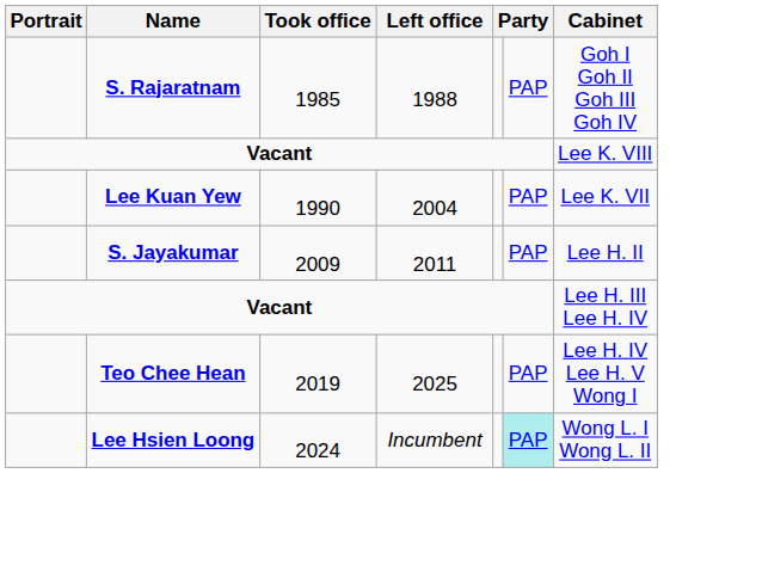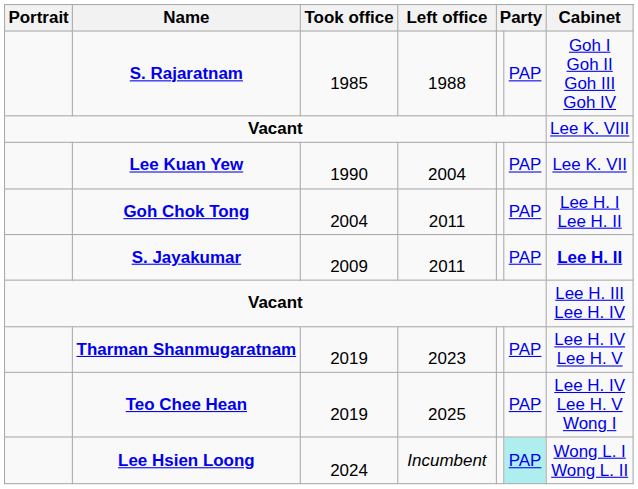 <table class="wikitable" style="text-align:center; border:1px #aaf solid;">
 <tr>
 <th>Portrait</th>
 <th>Name<br></th>
 <th width="85">Took office</th>
 <th width="85">Left office</th>
 <th colspan="2">Party</th>
 <th>Cabinet</th>
 </tr>
 <tr>
 <td></td>
 <td><strong><a href='#'>S. Rajaratnam</a></strong><br></td>
 <td><br>1985</td>
 <td><br>1988</td>
 <td style="background:"></td>
 <td><a href='#'>PAP</a></td>
 <td><a href='#'>Goh I</a><br><a href='#'>Goh II</a><br><a href='#'>Goh III</a><br><a href='#'>Goh IV</a></td>
 </tr>
 <tr>
 <td colspan="6"><strong>Vacant</strong><br></td>
 <td><a href='#'>Lee K. VIII</a></td>
 </tr>
 <tr>
 <td></td>
 <td><strong><a href='#'>Lee Kuan Yew</a></strong><br></td>
 <td><br>1990</td>
 <td><br>2004</td>
 <td style="background:"></td>
 <td><a href='#'>PAP</a></td>
 <td><a href='#'>Lee K. VII</a></td>
 </tr>
 <tr>
 <td></td>
+<td><strong><a href='#'>Goh Chok Tong</a></strong><br></td>
+<td><br>2004</td>
+<td><br>2011</td>
+<td style="background:"></td>
+<td><a href='#'>PAP</a></td>
+<td><a href='#'>Lee H. I</a><br><a href='#'>Lee H. II</a></td>
+</tr>
+<tr>
+<td></td>
 <td><a href='#'><strong>S. Jayakumar</strong></a><br></td>
 <td><br>2009</td>
 <td><br>2011</td>
 <td style="background:"></td>
 <td><a href='#'>PAP</a></td>
-<td><a href='#'>Lee H. II</a></td>
+<td><strong><a href='#'>Lee H. II</a></strong></td>
 </tr>
 <tr>
 <td colspan="6"><strong>Vacant</strong><br></td>
 <td><a href='#'>Lee H. III</a><br><a href='#'>Lee H. IV</a></td>
+</tr>
+<tr>
+<td></td>
+<td><strong><a href='#'>Tharman Shanmugaratnam</a></strong><br></td>
+<td><br>2019</td>
+<td><br>2023</td>
+<td style="background:"></td>
+<td><a href='#'>PAP</a></td>
+<td><a href='#'>Lee H. IV</a><br><a href='#'>Lee H. V</a></td>
 </tr>
 <tr>
 <td></td>
 <td><strong><a href='#'>Teo Chee Hean</a></strong><br></td>
 <td><br>2019</td>
 <td><br>2025</td>
 <td style="background:"></td>
 <td><a href='#'>PAP</a></td>
 <td><a href='#'>Lee H. IV</a><br><a href='#'>Lee H. V</a><br><a href='#'>Wong I</a></td>
 </tr>
 <tr>
 <td></td>
 <td><strong><a href='#'>Lee Hsien Loong</a></strong><br></td>
 <td><br> 2024</td>
 <td><em>Incumbent</em></td>
 <td style="background:"></td>
 <td style="background: paleturquoise;"><a href='#'>PAP</a></td>
 <td><a href='#'>Wong L. I</a> <br><a href='#'>Wong L. II</a></td>
 </tr>
 </table>
